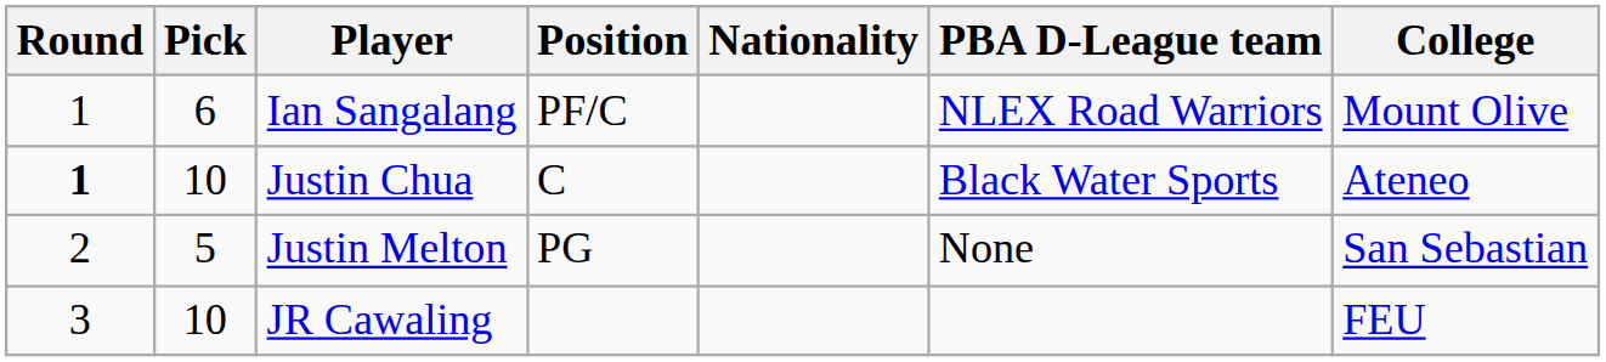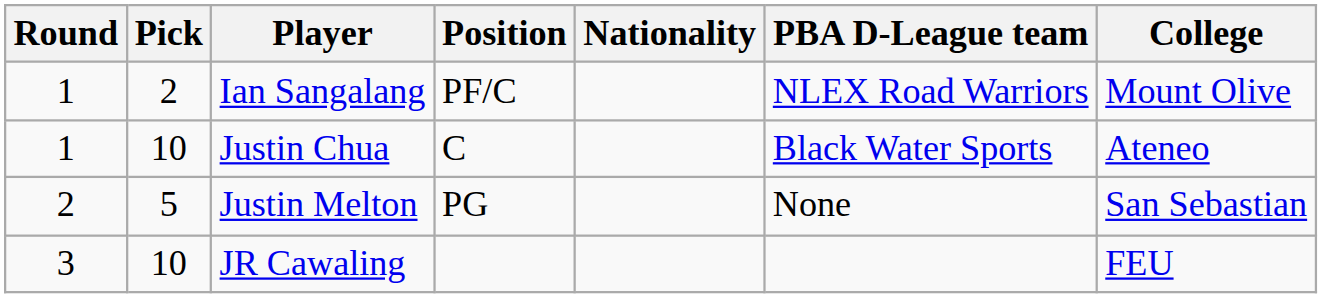 <table class="wikitable sortable sortable">
 <tr>
 <th>Round</th>
 <th>Pick</th>
 <th>Player</th>
 <th>Position</th>
 <th>Nationality</th>
 <th>PBA D-League team</th>
 <th>College</th>
 </tr>
 <tr>
 <td align=center>1</td>
-<td align=center>6</td>
+<td align=center>2</td>
 <td><a href='#'>Ian Sangalang</a></td>
 <td>PF/C</td>
 <td></td>
 <td><a href='#'>NLEX Road Warriors</a></td>
 <td><a href='#'>Mount Olive</a></td>
 </tr>
 <tr>
-<td align=center><strong>1</strong></td>
+<td align=center>1</td>
 <td align=center>10</td>
 <td><a href='#'>Justin Chua</a></td>
 <td>C</td>
 <td></td>
 <td><a href='#'>Black Water Sports</a></td>
 <td><a href='#'>Ateneo</a></td>
 </tr>
 <tr>
 <td align=center>2</td>
 <td align=center>5</td>
 <td><a href='#'>Justin Melton</a></td>
 <td>PG</td>
 <td></td>
 <td>None</td>
 <td><a href='#'>San Sebastian</a></td>
 </tr>
 <tr>
 <td align=center>3</td>
 <td align=center>10</td>
 <td><a href='#'>JR Cawaling</a></td>
 <td></td>
 <td></td>
 <td></td>
 <td><a href='#'>FEU</a></td>
 </tr>
 </table>
